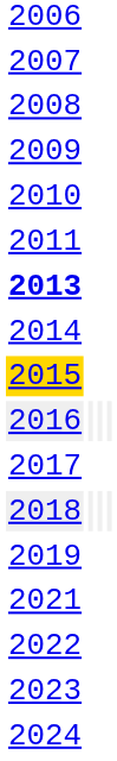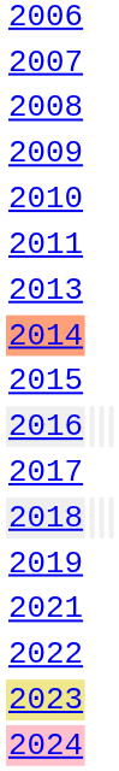 <table>
 <tr>
 <td><a href='#'>2006</a></td>
 <td></td>
 <td></td>
 <td></td>
 </tr>
 <tr>
 <td><a href='#'>2007</a></td>
 <td></td>
 <td></td>
 <td></td>
 </tr>
 <tr>
 <td><a href='#'>2008</a></td>
 <td></td>
 <td></td>
 <td></td>
 </tr>
 <tr>
 <td><a href='#'>2009</a></td>
 <td></td>
 <td></td>
 <td></td>
 </tr>
 <tr>
 <td><a href='#'>2010</a></td>
 <td></td>
 <td></td>
 <td></td>
 </tr>
 <tr>
 <td><a href='#'>2011</a></td>
 <td></td>
 <td></td>
 <td></td>
 </tr>
 <tr>
-<td><strong><a href='#'>2013</a></strong></td>
+<td><a href='#'>2013</a></td>
 <td></td>
 <td></td>
 <td></td>
 </tr>
 <tr>
-<td><a href='#'>2014</a></td>
+<td style="background: lightsalmon;"><a href='#'>2014</a></td>
 <td></td>
 <td></td>
 <td></td>
 </tr>
 <tr>
-<td style="background: gold;"><a href='#'>2015</a></td>
+<td><a href='#'>2015</a></td>
 <td></td>
 <td></td>
 <td></td>
 </tr>
 <tr bgcolor="#EFEFEF">
 <td><a href='#'>2016</a></td>
 <td></td>
 <td></td>
 <td></td>
 </tr>
 <tr>
 <td><a href='#'>2017</a></td>
 <td></td>
 <td></td>
 <td></td>
 </tr>
 <tr bgcolor="#EFEFEF">
 <td><a href='#'>2018</a></td>
 <td></td>
 <td></td>
 <td></td>
 </tr>
 <tr>
 <td><a href='#'>2019</a></td>
 <td></td>
 <td></td>
 <td></td>
 </tr>
 <tr>
 <td><a href='#'>2021</a></td>
 <td></td>
 <td></td>
 <td></td>
 </tr>
 <tr>
 <td><a href='#'>2022</a></td>
 <td></td>
 <td></td>
 <td></td>
 </tr>
 <tr>
-<td><a href='#'>2023</a></td>
+<td style="background: khaki;"><a href='#'>2023</a></td>
 <td></td>
 <td></td>
 <td></td>
 </tr>
 <tr>
-<td><a href='#'>2024</a></td>
+<td style="background: pink;"><a href='#'>2024</a></td>
 <td></td>
 <td></td>
 <td></td>
 </tr>
 </table>
